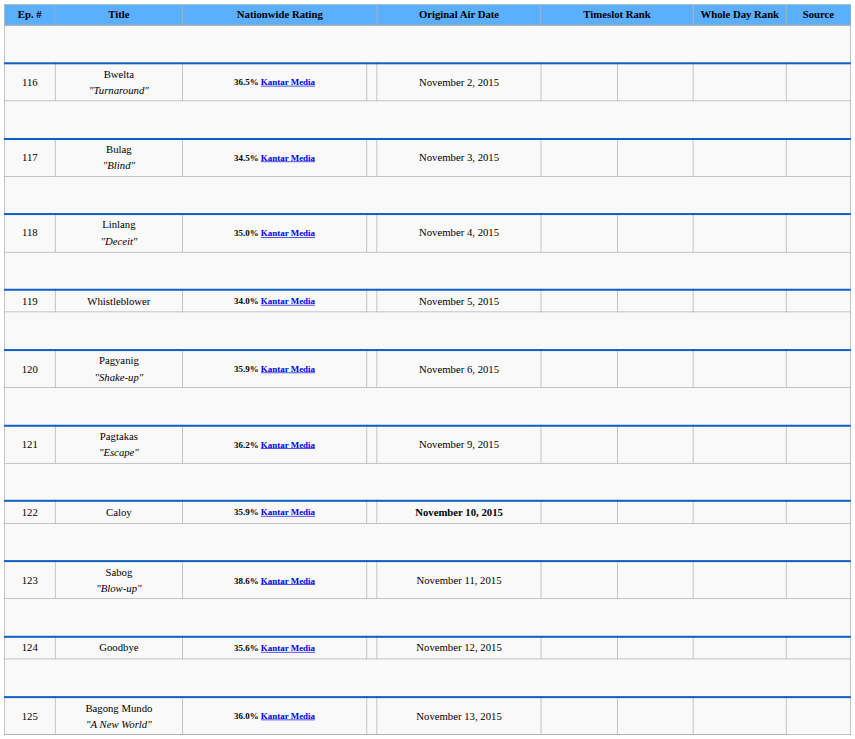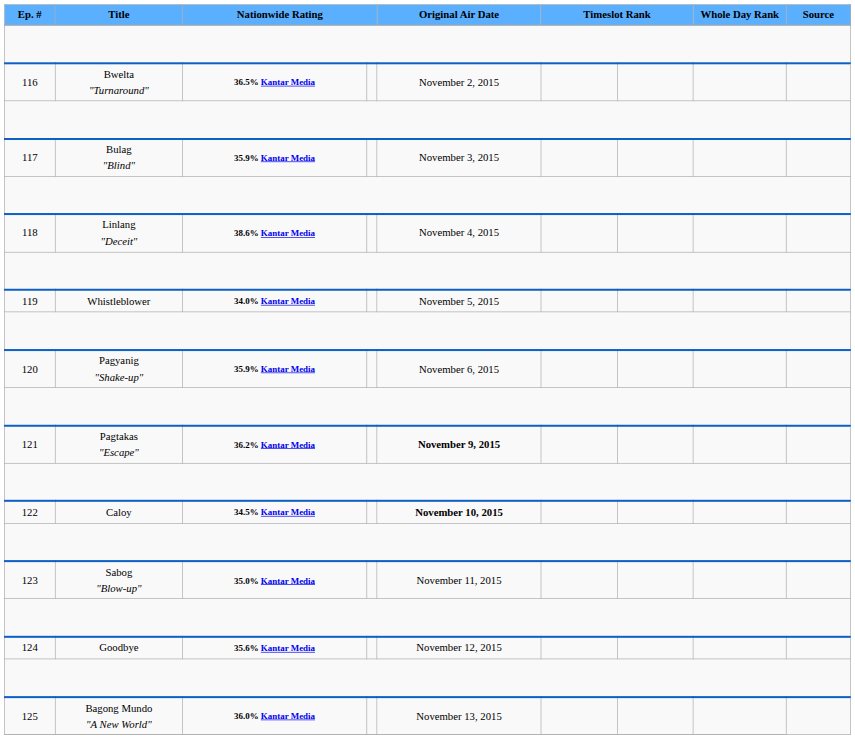 <table class="wikitable" style="text-align: center; background:#f9f9f9; line-height:16px; line-height:150%" width="100%">
 <tr style="color:black;">
 <th style="background:#5AAFFF;">Ep. #</th>
 <th style="background:#5AAFFF;">Title</th>
 <th style="background:#5AAFFF;" colspan="2" width="23%">Nationwide Rating</th>
 <th style="background:#5AAFFF;">Original Air Date</th>
 <th style="background:#5AAFFF;" colspan="2" width="18%">Timeslot Rank</th>
 <th style="background:#5AAFFF;" width="11%">Whole Day Rank</th>
 <th style="background:#5AAFFF;">Source</th>
 </tr>
 <tr style="text-align: center">
 </tr>
 <tr style="text-align: center">
 <td colspan = "10" style="text-align: left; border-bottom: 3px solid #0e60c5;"><br><br></td>
 </tr>
 <tr style="text-align: center">
 <td>116</td>
 <td>Bwelta <br> <em>"Turnaround"</em></td>
 <td><small><strong>36.5% <a href='#'>Kantar Media</a></strong></small></td>
 <td></td>
 <td>November 2, 2015</td>
 <td></td>
 <td></td>
 <td></td>
 </tr>
 <tr style="text-align: center">
 <td colspan = "10" style="text-align: left; border-bottom: 3px solid #0e60c5;"><br><br></td>
 </tr>
 <tr style="text-align: center">
 <td>117</td>
 <td>Bulag <br> <em>"Blind"</em></td>
-<td><small><strong>34.5% <a href='#'>Kantar Media</a></strong></small></td>
+<td><small><strong>35.9% <a href='#'>Kantar Media</a></strong></small></td>
 <td></td>
 <td>November 3, 2015</td>
 <td></td>
 <td></td>
 <td></td>
 </tr>
 <tr style="text-align: center">
 <td colspan = "10" style="text-align: left; border-bottom: 3px solid #0e60c5;"><br><br></td>
 </tr>
 <tr style="text-align: center">
 <td>118</td>
 <td>Linlang <br> <em>"Deceit"</em></td>
-<td><small><strong>35.0% <a href='#'>Kantar Media</a></strong></small></td>
+<td><small><strong>38.6% <a href='#'>Kantar Media</a></strong></small></td>
 <td></td>
 <td>November 4, 2015</td>
 <td></td>
 <td></td>
 <td></td>
 </tr>
 <tr style="text-align: center">
 <td colspan = "10" style="text-align: left; border-bottom: 3px solid #0e60c5;"><br><br></td>
 </tr>
 <tr style="text-align: center">
 <td>119</td>
 <td>Whistleblower</td>
 <td><small><strong>34.0% <a href='#'>Kantar Media</a></strong></small></td>
 <td></td>
 <td>November 5, 2015</td>
 <td></td>
 <td></td>
 <td></td>
 </tr>
 <tr style="text-align: center">
 <td colspan = "10" style="text-align: left; border-bottom: 3px solid #0e60c5;"><br><br></td>
 </tr>
 <tr style="text-align: center">
 <td>120</td>
 <td>Pagyanig <br> <em>"Shake-up"</em></td>
 <td><small><strong>35.9% <a href='#'>Kantar Media</a></strong></small></td>
 <td></td>
 <td>November 6, 2015</td>
 <td></td>
 <td></td>
 <td></td>
 </tr>
 <tr style="text-align: center">
 <td colspan = "10" style="text-align: left; border-bottom: 3px solid #0e60c5;"><br><br></td>
 </tr>
 <tr style="text-align: center">
 <td>121</td>
 <td>Pagtakas <br> <em>"Escape"</em></td>
 <td><small><strong>36.2% <a href='#'>Kantar Media</a></strong></small></td>
 <td></td>
-<td>November 9, 2015</td>
+<td><strong>November 9, 2015</strong></td>
 <td></td>
 <td></td>
 <td></td>
 </tr>
 <tr style="text-align: center">
 <td colspan = "10" style="text-align: left; border-bottom: 3px solid #0e60c5;"><br><br></td>
 </tr>
 <tr style="text-align: center">
 <td>122</td>
 <td>Caloy</td>
-<td><small><strong>35.9% <a href='#'>Kantar Media</a></strong></small></td>
+<td><small><strong>34.5% <a href='#'>Kantar Media</a></strong></small></td>
 <td></td>
 <td><strong>November 10, 2015</strong></td>
 <td></td>
 <td></td>
 <td></td>
 </tr>
 <tr style="text-align: center">
 <td colspan = "10" style="text-align: left; border-bottom: 3px solid #0e60c5;"><br><br></td>
 </tr>
 <tr style="text-align: center">
 <td>123</td>
 <td>Sabog <br> <em>"Blow-up"</em></td>
-<td><small><strong>38.6% <a href='#'>Kantar Media</a></strong></small></td>
+<td><small><strong>35.0% <a href='#'>Kantar Media</a></strong></small></td>
 <td></td>
 <td>November 11, 2015</td>
 <td></td>
 <td></td>
 <td></td>
 </tr>
 <tr style="text-align: center">
 <td colspan = "10" style="text-align: left; border-bottom: 3px solid #0e60c5;"><br><br></td>
 </tr>
 <tr style="text-align: center">
 <td>124</td>
 <td>Goodbye</td>
 <td><small><strong>35.6% <a href='#'>Kantar Media</a></strong></small></td>
 <td></td>
 <td>November 12, 2015</td>
 <td></td>
 <td></td>
 <td></td>
 </tr>
 <tr style="text-align: center">
 <td colspan = "10" style="text-align: left; border-bottom: 3px solid #0e60c5;"><br><br></td>
 </tr>
 <tr style="text-align: center">
 <td>125</td>
 <td>Bagong Mundo <br> <em>"A New World"</em></td>
 <td><small><strong>36.0% <a href='#'>Kantar Media</a></strong></small></td>
 <td></td>
 <td>November 13, 2015</td>
 <td></td>
 <td></td>
 <td></td>
 </tr>
 <tr style="text-align: center">
 </tr>
 </table>
